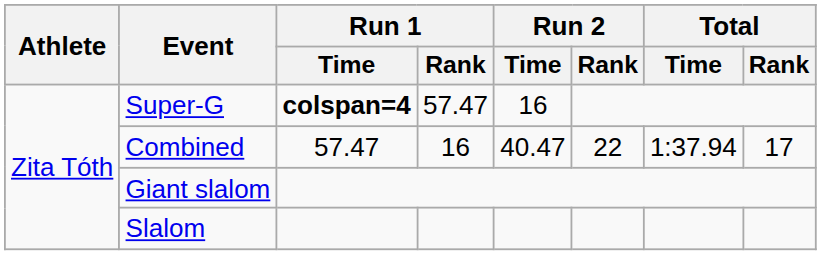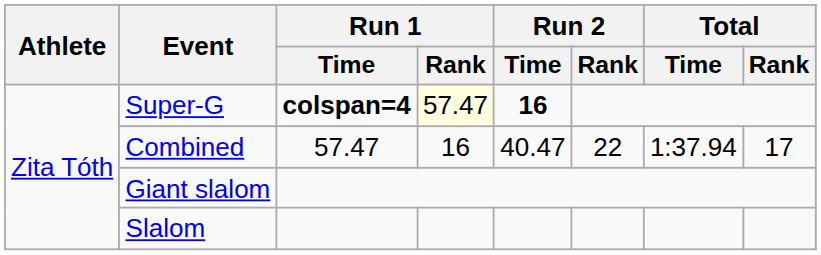 <table class="wikitable" style="font-size:90%">
 <tr>
 <th rowspan=2>Athlete</th>
 <th rowspan=2>Event</th>
 <th colspan=2>Run 1</th>
 <th colspan=2>Run 2</th>
 <th colspan=2>Total</th>
 </tr>
 <tr style="font-size:95%">
 <th>Time</th>
 <th>Rank</th>
 <th>Time</th>
 <th>Rank</th>
 <th>Time</th>
 <th>Rank</th>
 </tr>
 <tr align=center>
 <td align="left" rowspan="4"><a href='#'>Zita Tóth</a></td>
 <td align="left"><a href='#'>Super-G</a></td>
 <td><strong>colspan=4</strong></td>
-<td>57.47</td>
-<td>16</td>
+<td style="background: lightyellow;">57.47</td>
+<td><strong>16</strong></td>
 </tr>
 <tr align=center>
 <td align="left"><a href='#'>Combined</a></td>
 <td>57.47</td>
 <td>16</td>
 <td>40.47</td>
 <td>22</td>
 <td>1:37.94</td>
 <td>17</td>
 </tr>
 <tr align=center>
 <td align="left"><a href='#'>Giant slalom</a></td>
 <td colspan=6></td>
 </tr>
 <tr>
 <td align="left"><a href='#'>Slalom</a></td>
 <td></td>
 <td></td>
 <td></td>
 <td></td>
 <td></td>
 <td></td>
 </tr>
 </table>
